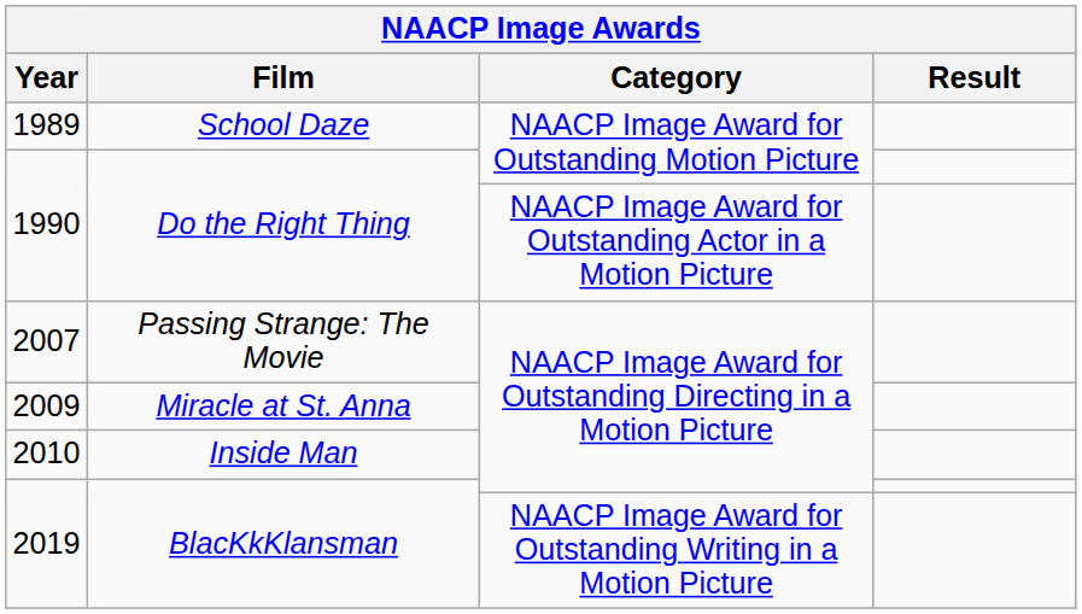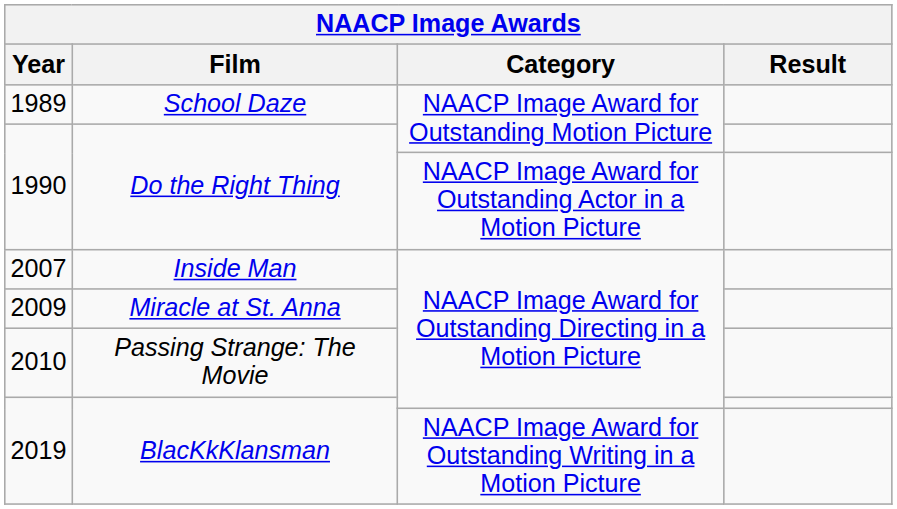 <table class="wikitable">
 <tr>
 <th colspan="4" align="center"><a href='#'>NAACP Image Awards</a></th>
 </tr>
 <tr>
 <th width="33">Year</th>
 <th width="200">Film</th>
 <th width="200">Category</th>
 <th width="100">Result</th>
 </tr>
 <tr>
 <td align="center">1989</td>
 <td align="center"><em><a href='#'>School Daze</a></em></td>
 <td rowspan="2" align="center"><a href='#'>NAACP Image Award for Outstanding Motion Picture</a></td>
 <td></td>
 </tr>
 <tr>
 <td align="center" rowspan="2">1990</td>
 <td align="center" rowspan="2"><em><a href='#'>Do the Right Thing</a></em></td>
 <td></td>
 </tr>
 <tr>
 <td align="center"><a href='#'>NAACP Image Award for Outstanding Actor in a Motion Picture</a></td>
 <td></td>
 </tr>
 <tr>
 <td align="center">2007</td>
-<td align="center"><em>Passing Strange: The Movie</em></td>
+<td align="center"><em><a href='#'>Inside Man</a></em></td>
 <td rowspan="4" align="center"><a href='#'>NAACP Image Award for Outstanding Directing in a Motion Picture</a></td>
 <td></td>
 </tr>
 <tr>
 <td align="center">2009</td>
 <td align="center"><em><a href='#'>Miracle at St. Anna</a></em></td>
 <td></td>
 </tr>
 <tr>
 <td align="center">2010</td>
-<td align="center"><em><a href='#'>Inside Man</a></em></td>
+<td align="center"><em>Passing Strange: The Movie</em></td>
 <td></td>
 </tr>
 <tr>
 <td align="center" rowspan="2">2019</td>
 <td align="center" rowspan="2"><em><a href='#'>BlacKkKlansman</a></em></td>
 <td></td>
 </tr>
 <tr>
 <td align="center"><a href='#'>NAACP Image Award for Outstanding Writing in a Motion Picture</a></td>
 <td></td>
 </tr>
 </table>
